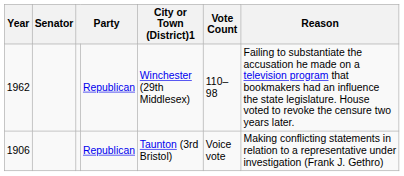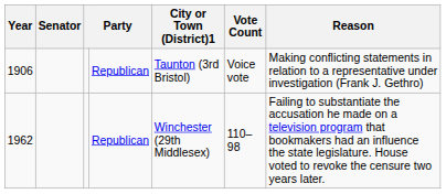 <table class="wikitable sortable">
 <tr>
 <th>Year</th>
 <th>Senator</th>
 <th colspan=2>Party</th>
 <th>City or Town (District)1</th>
 <th>Vote Count</th>
 <th class=unsortable>Reason</th>
 </tr>
 <tr>
+<td>1906</td>
+<td></td>
+<td style="background-color:"></td>
+<td><a href='#'>Republican</a></td>
+<td><a href='#'>Taunton</a> (3rd Bristol)</td>
+<td>Voice vote</td>
+<td>Making conflicting statements in relation to a representative under investigation (Frank J. Gethro)</td>
+</tr>
+<tr>
 <td>1962</td>
 <td></td>
 <td style="background-color:"></td>
 <td><a href='#'>Republican</a></td>
 <td><a href='#'>Winchester</a> (29th Middlesex)</td>
 <td>110–98</td>
 <td>Failing to substantiate the accusation he made on a <a href='#'>television program</a> that bookmakers had an influence the state legislature. House voted to revoke the censure two years later.</td>
 </tr>
-<tr>
-<td>1906</td>
-<td></td>
-<td style="background-color:"></td>
-<td><a href='#'>Republican</a></td>
-<td><a href='#'>Taunton</a> (3rd Bristol)</td>
-<td>Voice vote</td>
-<td>Making conflicting statements in relation to a representative under investigation (Frank J. Gethro)</td>
-</tr>
 </table>
